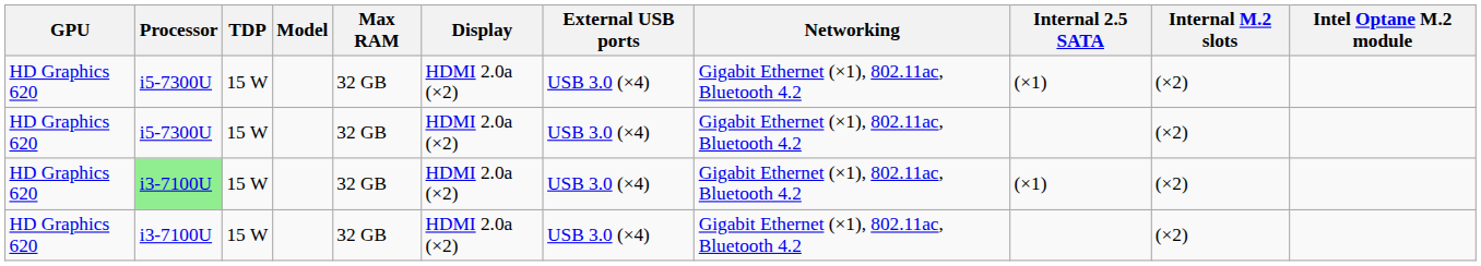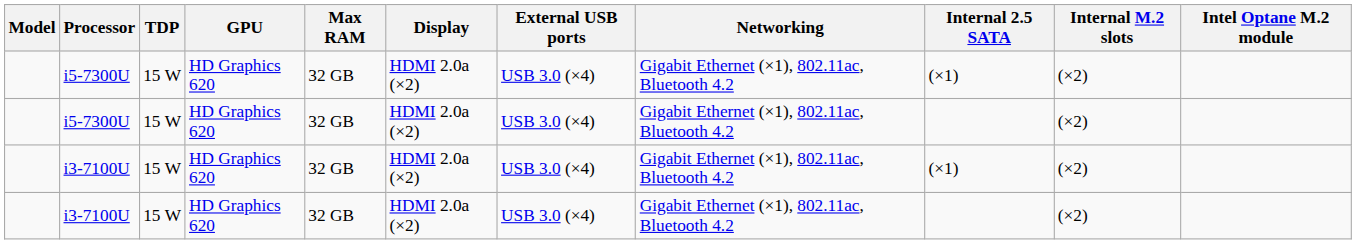 <table class="wikitable">
 <tr>
-<th>GPU</th>
+<th>Model</th>
 <th>Processor</th>
 <th>TDP</th>
-<th>Model</th>
+<th>GPU</th>
 <th>Max RAM</th>
 <th>Display</th>
 <th>External USB ports</th>
 <th>Networking</th>
 <th>Internal 2.5 <a href='#'>SATA</a></th>
 <th>Internal <a href='#'>M.2</a> slots</th>
 <th>Intel <a href='#'>Optane</a> M.2 module</th>
 </tr>
 <tr>
-<td><a href='#'>HD Graphics 620</a></td>
+<td></td>
 <td><a href='#'>i5-7300U</a></td>
 <td>15 W</td>
-<td></td>
+<td><a href='#'>HD Graphics 620</a></td>
 <td>32 GB</td>
 <td><a href='#'>HDMI</a> 2.0a (×2)</td>
 <td><a href='#'>USB 3.0</a> (×4)</td>
 <td><a href='#'>Gigabit Ethernet</a> (×1), <a href='#'>802.11ac</a>, <a href='#'>Bluetooth 4.2</a></td>
 <td> (×1)</td>
 <td> (×2)</td>
 <td></td>
 </tr>
 <tr>
-<td><a href='#'>HD Graphics 620</a></td>
+<td></td>
 <td><a href='#'>i5-7300U</a></td>
 <td>15 W</td>
-<td></td>
+<td><a href='#'>HD Graphics 620</a></td>
 <td>32 GB</td>
 <td><a href='#'>HDMI</a> 2.0a (×2)</td>
 <td><a href='#'>USB 3.0</a> (×4)</td>
 <td><a href='#'>Gigabit Ethernet</a> (×1), <a href='#'>802.11ac</a>, <a href='#'>Bluetooth 4.2</a></td>
 <td></td>
 <td> (×2)</td>
 <td></td>
 </tr>
 <tr>
+<td></td>
+<td><a href='#'>i3-7100U</a></td>
+<td>15 W</td>
 <td><a href='#'>HD Graphics 620</a></td>
-<td style="background: lightgreen;"><a href='#'>i3-7100U</a></td>
-<td>15 W</td>
-<td></td>
 <td>32 GB</td>
 <td><a href='#'>HDMI</a> 2.0a (×2)</td>
 <td><a href='#'>USB 3.0</a> (×4)</td>
 <td><a href='#'>Gigabit Ethernet</a> (×1), <a href='#'>802.11ac</a>, <a href='#'>Bluetooth 4.2</a></td>
 <td> (×1)</td>
 <td> (×2)</td>
 <td></td>
 </tr>
 <tr>
-<td><a href='#'>HD Graphics 620</a></td>
+<td></td>
 <td><a href='#'>i3-7100U</a></td>
 <td>15 W</td>
-<td></td>
+<td><a href='#'>HD Graphics 620</a></td>
 <td>32 GB</td>
 <td><a href='#'>HDMI</a> 2.0a (×2)</td>
 <td><a href='#'>USB 3.0</a> (×4)</td>
 <td><a href='#'>Gigabit Ethernet</a> (×1), <a href='#'>802.11ac</a>, <a href='#'>Bluetooth 4.2</a></td>
 <td></td>
 <td> (×2)</td>
 <td></td>
 </tr>
 </table>
